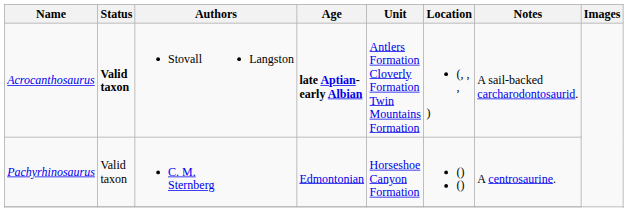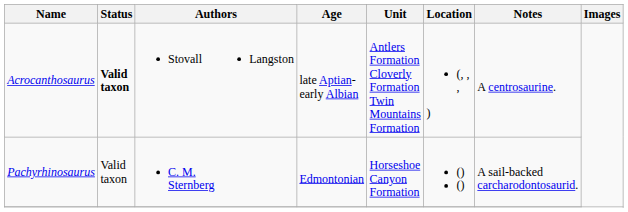 <table class="wikitable sortable" align="center" width="100%">
 <tr>
 <th>Name</th>
 <th>Status</th>
 <th colspan="2">Authors</th>
 <th>Age</th>
 <th>Unit</th>
 <th>Location</th>
 <th class="unsortable">Notes</th>
 <th class="unsortable">Images</th>
 </tr>
 <tr>
 <td><em><a href='#'>Acrocanthosaurus</a></em></td>
 <td><strong>Valid taxon</strong></td>
 <td style="border-right:0px" valign="top"><br><ul><li>Stovall</li></ul></td>
 <td style="border-left:0px" valign="top"><br><ul><li>Langston</li></ul></td>
-<td><strong><br>late <a href='#'>Aptian</a>-early <a href='#'>Albian</a></strong></td>
+<td><br>late <a href='#'>Aptian</a>-early <a href='#'>Albian</a></td>
 <td><br><a href='#'>Antlers Formation</a> <br> <a href='#'>Cloverly Formation</a> <br> <a href='#'>Twin Mountains Formation</a></td>
 <td><br><ul><li> (, , ,</li></ul>)</td>
-<td><br>A sail-backed <a href='#'>carcharodontosaurid</a>.</td>
+<td><br>A <a href='#'>centrosaurine</a>.</td>
 <td rowspan="35"></td>
 </tr>
 <tr>
 <td><em><a href='#'>Pachyrhinosaurus</a></em></td>
 <td>Valid taxon</td>
 <td style="border-right:0px" valign="top"><br><ul><li><a href='#'>C. M. Sternberg</a></li></ul></td>
 <td style="border-left:0px" valign="top"></td>
 <td><br><a href='#'>Edmontonian</a></td>
 <td><br><a href='#'>Horseshoe Canyon Formation</a></td>
 <td><br><ul><li> ()</li><li> ()</li></ul></td>
-<td><br>A <a href='#'>centrosaurine</a>.</td>
+<td><br>A sail-backed <a href='#'>carcharodontosaurid</a>.</td>
 </tr>
 <tr>
 </tr>
 </table>
